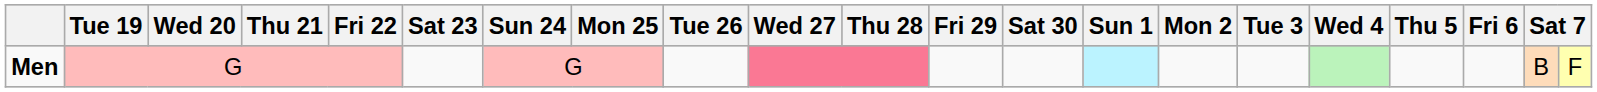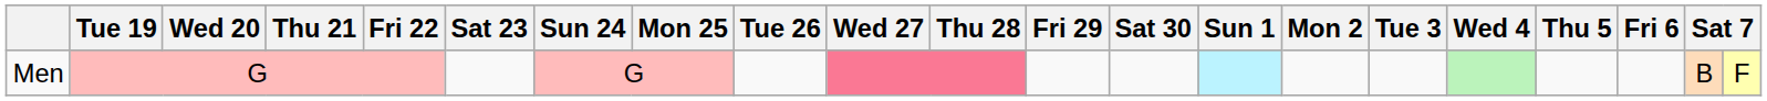 <table class="wikitable" style="margin:0.5em auto; font-size:90%; line-height:1.25em; text-align:center">
 <tr>
 <th></th>
 <th>Tue 19</th>
 <th>Wed 20</th>
 <th>Thu 21</th>
 <th>Fri 22</th>
 <th>Sat 23</th>
 <th>Sun 24</th>
 <th>Mon 25</th>
 <th>Tue 26</th>
 <th>Wed 27</th>
 <th>Thu 28</th>
 <th>Fri 29</th>
 <th>Sat 30</th>
 <th>Sun 1</th>
 <th>Mon 2</th>
 <th>Tue 3</th>
 <th>Wed 4</th>
 <th>Thu 5</th>
 <th>Fri 6</th>
 <th colspan="2">Sat 7</th>
 </tr>
 <tr>
-<td align="left"><strong>Men</strong></td>
+<td align="left">Men</td>
 <td colspan="4" bgcolor="#FFBBBB">G</td>
 <td></td>
 <td colspan="2" bgcolor="#FFBBBB">G</td>
 <td></td>
 <td colspan="2" bgcolor="#FA7894"></td>
 <td></td>
 <td></td>
 <td bgcolor="#BBF3FF"></td>
 <td></td>
 <td></td>
 <td bgcolor="#BBF3BB"></td>
 <td></td>
 <td></td>
 <td bgcolor="#FEDCBA">B</td>
 <td bgcolor="#FFFFB">F</td>
 </tr>
 </table>
